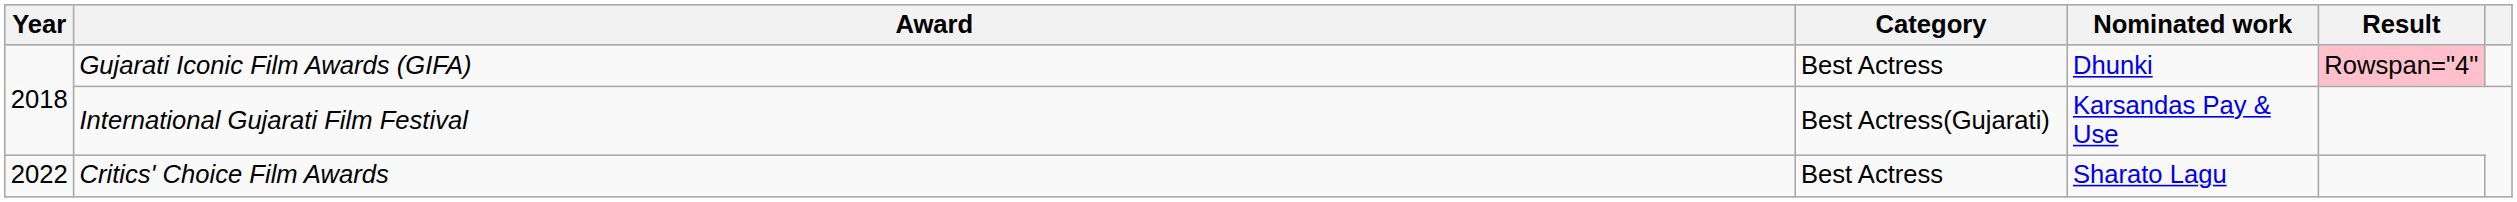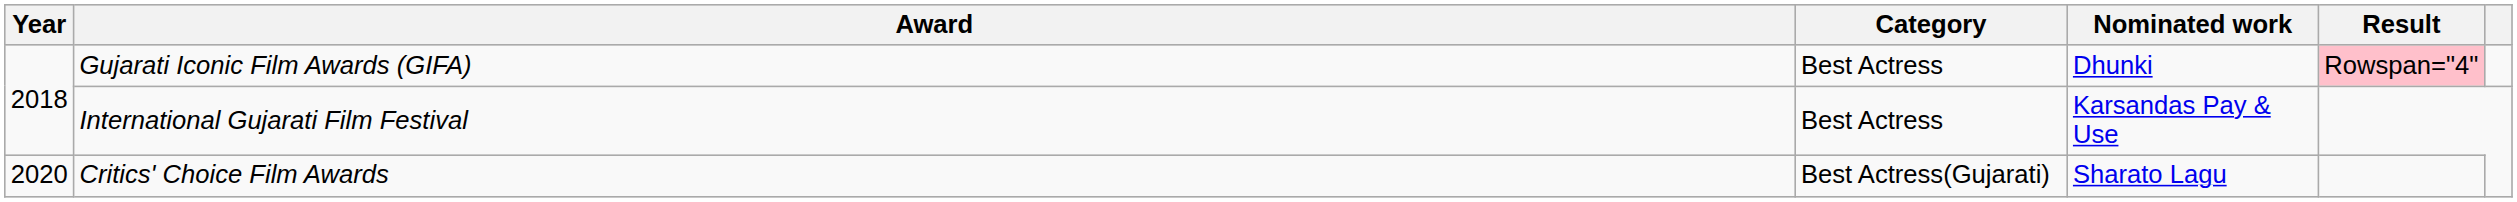 <table class=wikitable>
 <tr>
 <th scope="col" style="width:1em;">Year</th>
 <th scope="col" style="width:500em;">Award</th>
 <th scope="col" style="width:29em;">Category</th>
 <th scope="col" style="width:39em;">Nominated work</th>
 <th scope="col" style="width:5em;">Result</th>
 <th scope="col" style="width:5em;"></th>
 </tr>
 <tr>
 <td Rowspan="2">2018</td>
 <td><em>Gujarati Iconic Film Awards (GIFA)</em></td>
 <td>Best Actress</td>
 <td><a href='#'>Dhunki</a></td>
 <td style="background: pink;">Rowspan="4" </td>
 <td></td>
 </tr>
 <tr>
 <td><em>International Gujarati Film Festival</em></td>
-<td>Best Actress(Gujarati)</td>
+<td>Best Actress</td>
 <td><a href='#'>Karsandas Pay & Use</a></td>
 </tr>
 <tr>
-<td>2022</td>
+<td>2020</td>
 <td><em>Critics' Choice Film Awards</em></td>
-<td>Best Actress</td>
+<td>Best Actress(Gujarati)</td>
 <td><a href='#'>Sharato Lagu</a></td>
 <td></td>
 </tr>
 </table>
